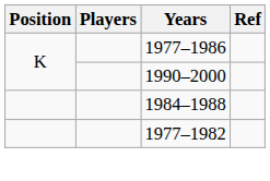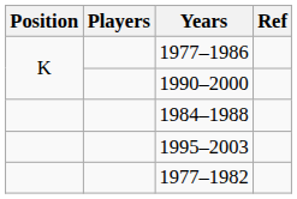 <table class="wikitable sortable" >
 <tr bgcolor="#efefef">
 <th>Position</th>
 <th>Players</th>
 <th>Years</th>
 <th class="unsortable">Ref</th>
 </tr>
 <tr>
 <td rowspan=2 style="text-align:center;">K</td>
 <td></td>
 <td>1977–1986</td>
 <td></td>
 </tr>
 <tr>
 <td></td>
 <td>1990–2000</td>
 <td></td>
 </tr>
 <tr>
 <td></td>
 <td></td>
 <td>1984–1988</td>
 <td></td>
 </tr>
 <tr>
 <td></td>
 <td></td>
+<td>1995–2003</td>
+<td></td>
+</tr>
+<tr>
+<td></td>
+<td></td>
 <td>1977–1982</td>
 <td></td>
 </tr>
 </table>
